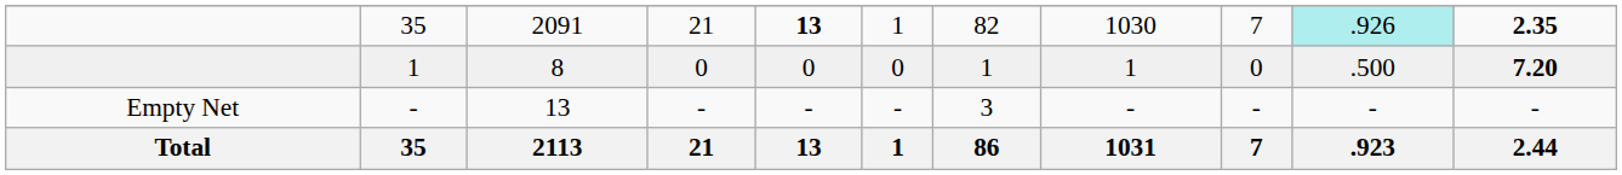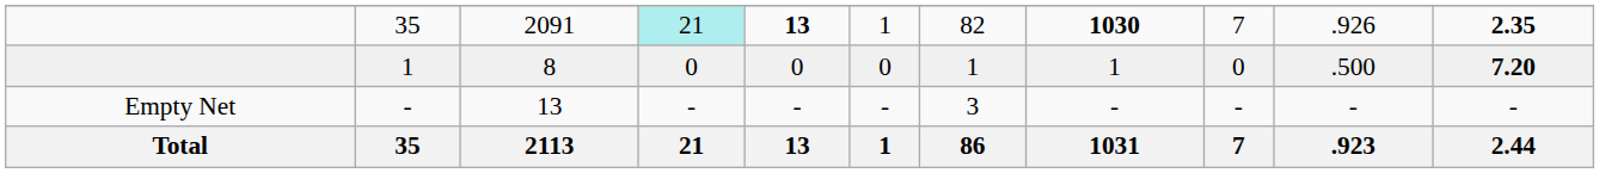 <table class="wikitable sortable" width ="1000">
 <tr align="center">
 </tr>
 <tr align="center">
 <td></td>
 <td>35</td>
 <td>2091</td>
-<td>21</td>
+<td style="background: paleturquoise;">21</td>
 <td><strong>13</strong></td>
 <td>1</td>
 <td>82</td>
-<td>1030</td>
+<td><strong>1030</strong></td>
 <td>7</td>
-<td style="background: paleturquoise;">.926</td>
+<td>.926</td>
 <td><strong>2.35</strong></td>
 </tr>
 <tr align="center" bgcolor="f0f0f0">
 <td></td>
 <td>1</td>
 <td>8</td>
 <td>0</td>
 <td>0</td>
 <td>0</td>
 <td>1</td>
 <td>1</td>
 <td>0</td>
 <td>.500</td>
 <td><strong>7.20</strong></td>
 </tr>
 <tr align="center" bgcolor="">
 <td>Empty Net</td>
 <td>-</td>
 <td>13</td>
 <td>-</td>
 <td>-</td>
 <td>-</td>
 <td>3</td>
 <td>-</td>
 <td>-</td>
 <td>-</td>
 <td>-</td>
 </tr>
 <tr>
 <th>Total</th>
 <th>35</th>
 <th>2113</th>
 <th>21</th>
 <th>13</th>
 <th>1</th>
 <th>86</th>
 <th>1031</th>
 <th>7</th>
 <th>.923</th>
 <th>2.44</th>
 </tr>
 </table>
